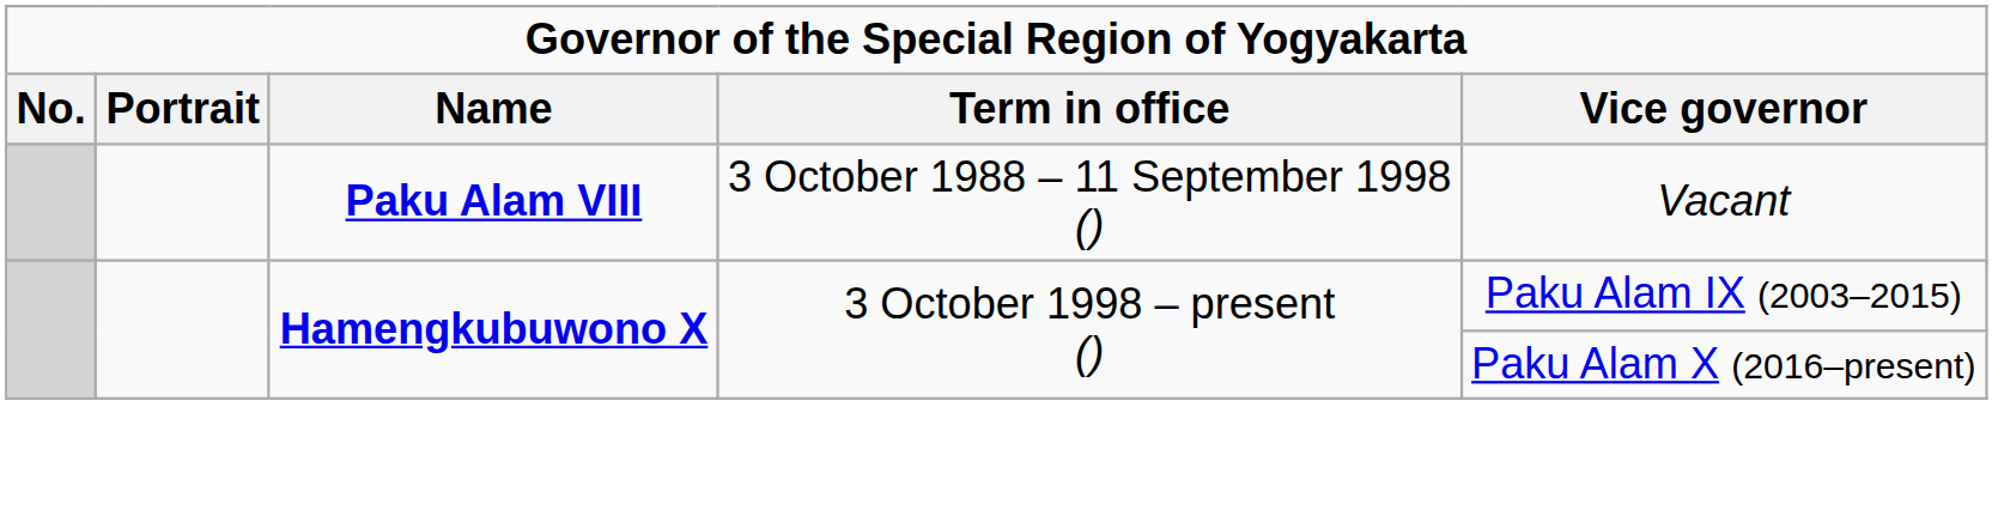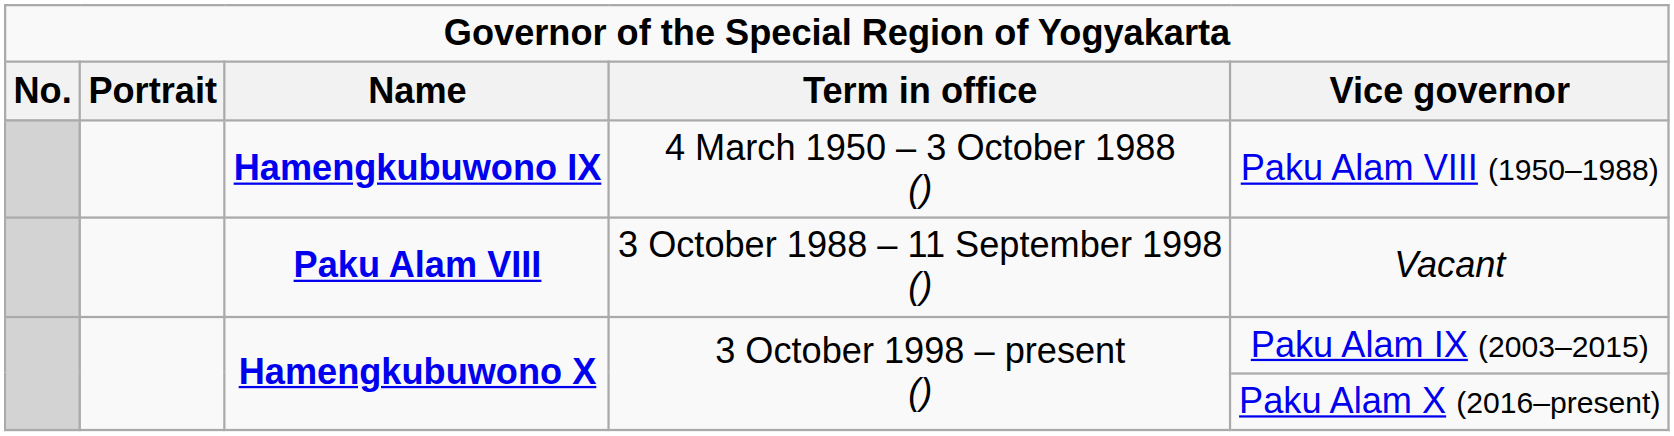 <table class="wikitable" style="text-align:center;">
 <tr>
 <td colspan="5"><strong>Governor of the Special Region of Yogyakarta</strong></td>
 </tr>
 <tr>
 <th>No.</th>
 <th>Portrait</th>
 <th>Name</th>
 <th>Term in office</th>
 <th>Vice governor</th>
+</tr>
+<tr>
+<td bgcolor="#d3d3d3"></td>
+<td></td>
+<td><strong><a href='#'>Hamengkubuwono IX</a></strong></td>
+<td>4 March 1950 – 3 October 1988<br><em>()</em></td>
+<td><a href='#'>Paku Alam VIII</a> <small>(1950–1988)</small></td>
 </tr>
 <tr>
 <td bgcolor="#d3d3d3"></td>
 <td></td>
 <td><strong><a href='#'>Paku Alam VIII</a></strong></td>
 <td>3 October 1988 – 11 September 1998<br><em>()</em></td>
 <td rowspan="2"><em>Vacant</em></td>
 </tr>
 <tr>
 <td rowspan="3" bgcolor="#d3d3d3"></td>
 <td rowspan="3"></td>
 <td rowspan="3"><strong><a href='#'>Hamengkubuwono X</a></strong></td>
 <td rowspan="3">3 October 1998 – present<br><em>()</em></td>
 </tr>
 <tr>
 <td><a href='#'>Paku Alam IX</a> <small>(2003–2015)</small></td>
 </tr>
 <tr>
 <td><a href='#'>Paku Alam X</a> <small>(2016–present)</small></td>
 </tr>
 </table>
